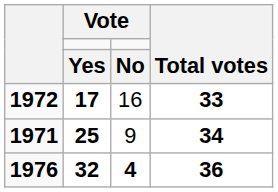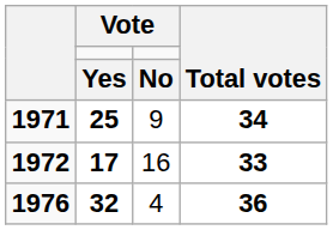 <table class=wikitable style="text-align:center">
 <tr style="vertical-align:bottom;">
 <th rowspan=3></th>
 <th colspan=2>Vote</th>
 <th rowspan=3>Total votes</th>
 </tr>
 <tr style="height:5px">
 <td style="background-color:"></td>
 <td style="background-color:"></td>
 </tr>
 <tr style="vertical-align:bottom;">
 <th>Yes</th>
 <th>No</th>
 </tr>
 <tr>
+<td><strong>1971</strong></td>
+<td style="background:#fff;"><strong>25</strong></td>
+<td style="background:#fff;">9</td>
+<td style="background:#fff;"><strong>34</strong></td>
+</tr>
+<tr>
 <td><strong>1972</strong></td>
 <td style="background:#fff;"><strong>17</strong></td>
 <td style="background:#fff;">16</td>
 <td style="background:#fff;"><strong>33</strong></td>
 </tr>
 <tr>
-<td><strong>1971</strong></td>
-<td style="background:#fff;"><strong>25</strong></td>
-<td style="background:#fff;">9</td>
-<td style="background:#fff;"><strong>34</strong></td>
-</tr>
-<tr>
 <td><strong>1976</strong></td>
 <td style="background:#fff;"><strong>32</strong></td>
-<td style="background:#fff;"><strong>4</strong></td>
+<td style="background:#fff;">4</td>
 <td style="background:#fff;"><strong>36</strong></td>
 </tr>
 </table>
